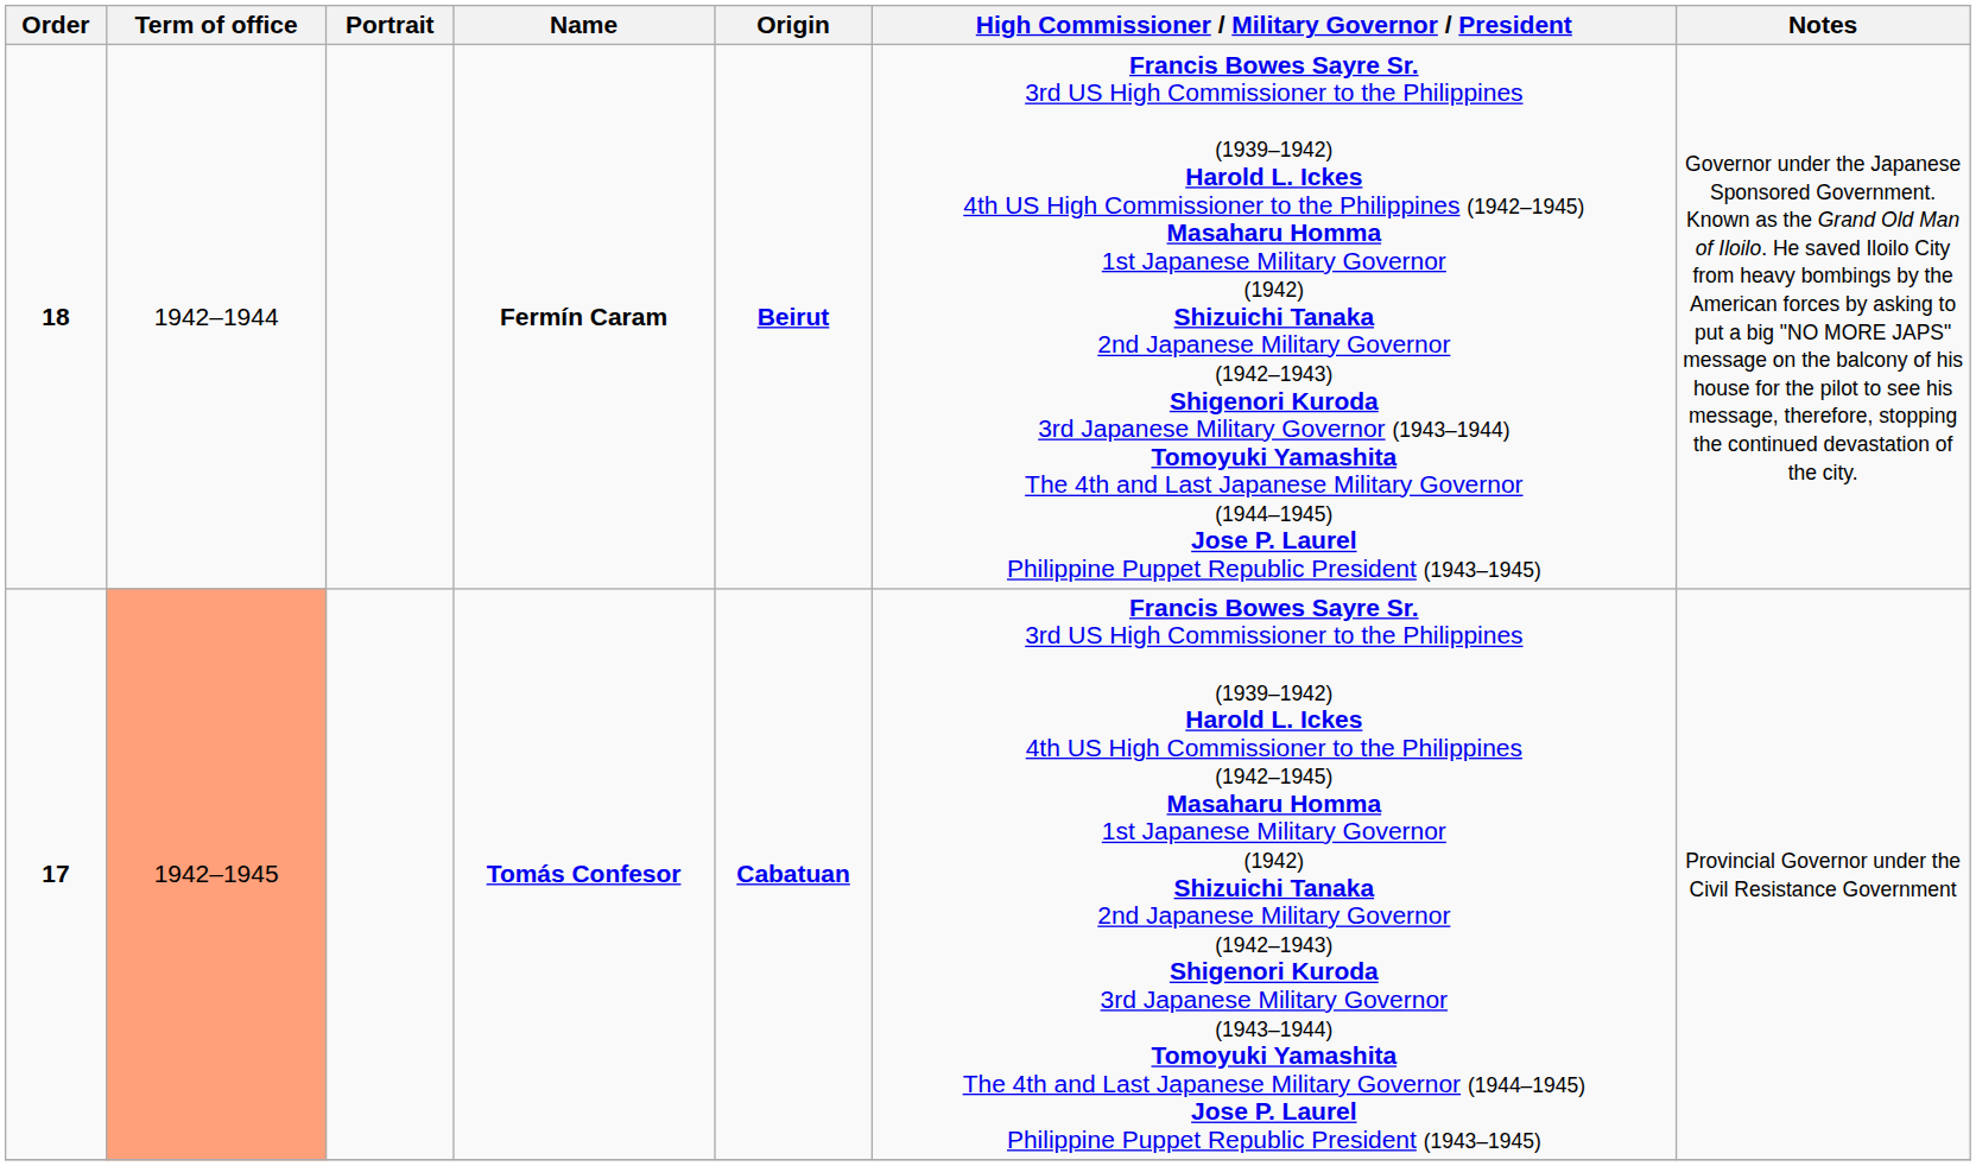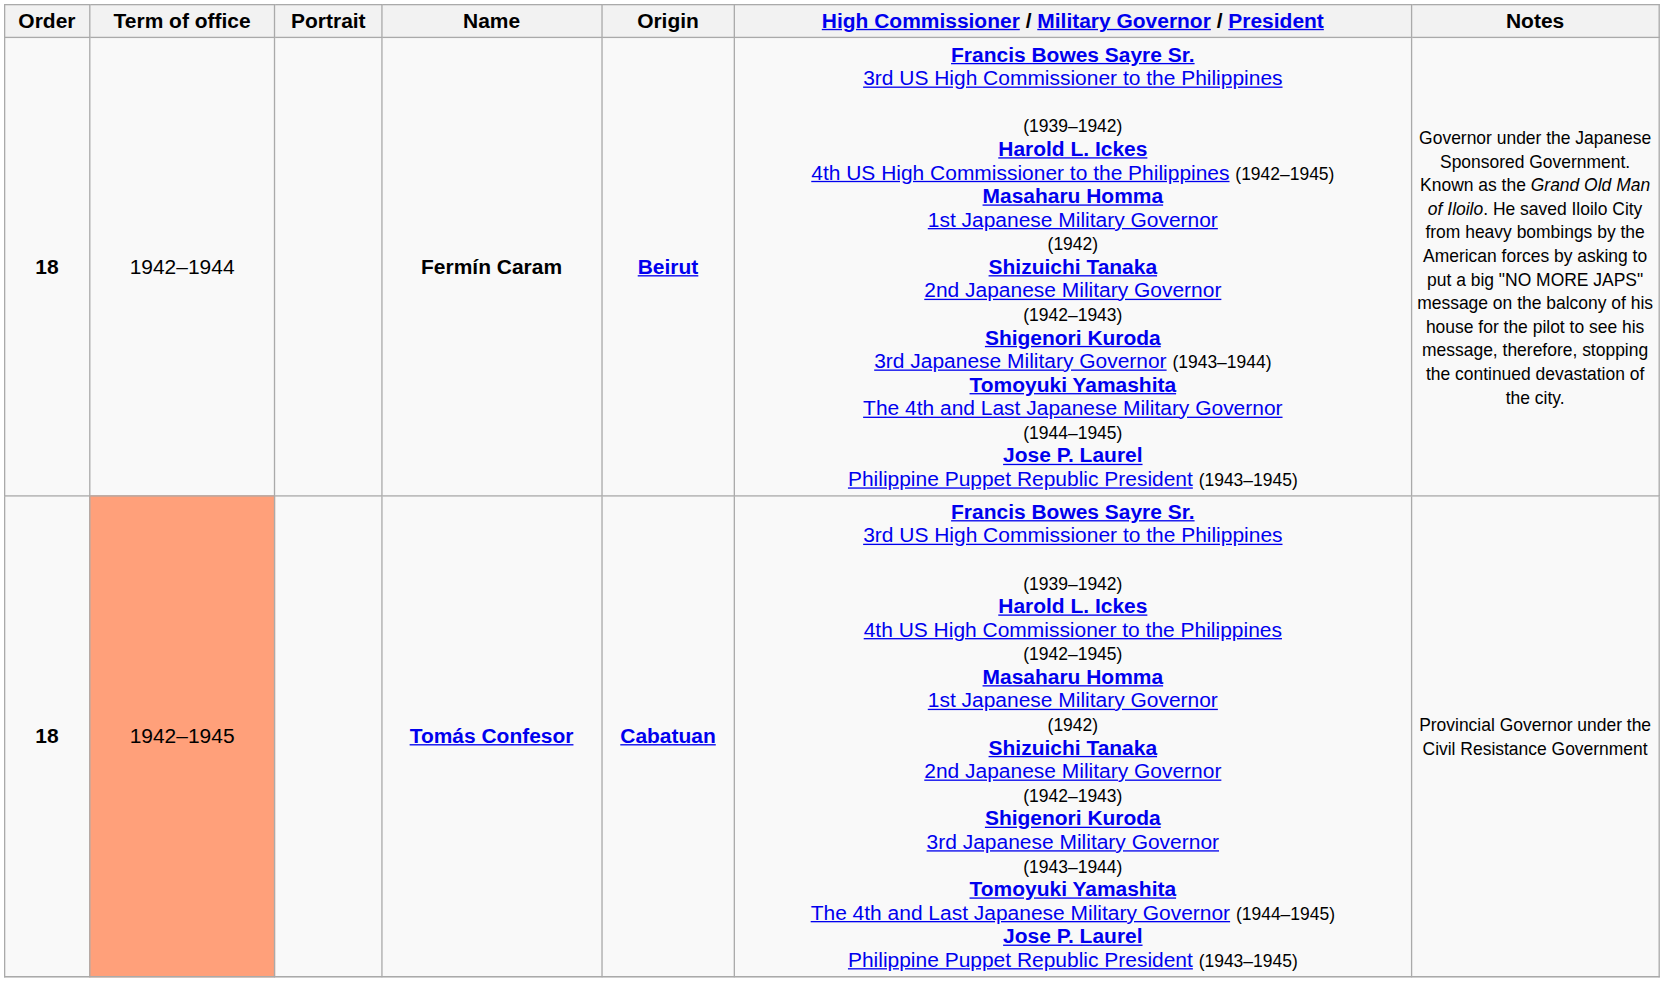 <table class="wikitable" style="text-align: center; width:100%">
 <tr>
 <th>Order</th>
 <th>Term of office</th>
 <th>Portrait</th>
 <th>Name</th>
 <th>Origin</th>
 <th><a href='#'>High Commissioner</a> / <a href='#'>Military Governor</a> / <a href='#'>President</a></th>
 <th width=15%>Notes</th>
 </tr>
 <tr>
 <td><strong>18</strong></td>
 <td>1942–1944</td>
 <td></td>
 <td><strong>Fermín Caram</strong></td>
 <td><strong><a href='#'>Beirut</a></strong></td>
 <td> <strong><a href='#'>Francis Bowes Sayre Sr.</a></strong> <br> <a href='#'>3rd US High Commissioner to the Philippines</a> <br><br><small>(1939–1942)</small><br> <strong><a href='#'>Harold L. Ickes</a></strong> <br> <a href='#'>4th US High Commissioner to the Philippines</a> <small>(1942–1945)</small><br> <strong><a href='#'>Masaharu Homma</a></strong> <br> <a href='#'>1st Japanese Military Governor</a> <br> <small>(1942)</small><br>  <strong><a href='#'>Shizuichi Tanaka</a></strong> <br> <a href='#'>2nd Japanese Military Governor</a><br> <small>(1942–1943)</small>  <br> <strong><a href='#'>Shigenori Kuroda</a></strong> <br> <a href='#'>3rd Japanese Military Governor</a> <small>(1943–1944)</small><br>  <strong><a href='#'>Tomoyuki Yamashita</a></strong> <br> <a href='#'>The 4th and Last Japanese Military Governor</a> <br> <small>(1944–1945)</small><br> <strong><a href='#'>Jose P. Laurel</a></strong> <br> <a href='#'>Philippine Puppet Republic President</a> <small>(1943–1945)</small></td>
 <td><small>Governor under the Japanese Sponsored Government. Known as the <em>Grand Old Man of Iloilo</em>. He saved Iloilo City from heavy bombings by the American forces by asking to put a big "NO MORE JAPS" message on the balcony of his house for the pilot to see his message, therefore, stopping the continued devastation of the city.</small></td>
 </tr>
 <tr>
-<td><strong>17</strong></td>
+<td><strong>18</strong></td>
 <td style="background: lightsalmon;">1942–1945</td>
 <td></td>
 <td><strong><a href='#'>Tomás Confesor</a></strong></td>
 <td><a href='#'><strong>Cabatuan</strong></a></td>
 <td> <strong><a href='#'>Francis Bowes Sayre Sr.</a></strong> <br> <a href='#'>3rd US High Commissioner to the Philippines</a><br><br><small>(1939–1942)</small> <br> <strong><a href='#'>Harold L. Ickes</a></strong> <br> <a href='#'>4th US High Commissioner to the Philippines</a><br> <small>(1942–1945)</small><br> <strong><a href='#'>Masaharu Homma</a></strong> <br> <a href='#'>1st Japanese Military Governor</a> <br> <small>(1942)</small><br>  <strong><a href='#'>Shizuichi Tanaka</a></strong> <br> <a href='#'>2nd Japanese Military Governor</a><br> <small>(1942–1943)</small><br> <strong><a href='#'>Shigenori Kuroda</a></strong> <br> <a href='#'>3rd Japanese Military Governor</a><br> <small>(1943–1944)</small><br>  <strong><a href='#'>Tomoyuki Yamashita</a></strong> <br> <a href='#'>The 4th and Last Japanese Military Governor</a> <small>(1944–1945)</small><br> <strong><a href='#'>Jose P. Laurel</a></strong> <br> <a href='#'>Philippine Puppet Republic President</a> <small>(1943–1945)</small></td>
 <td><small>Provincial Governor under the Civil Resistance Government</small></td>
 </tr>
 <tr>
 </tr>
 </table>
